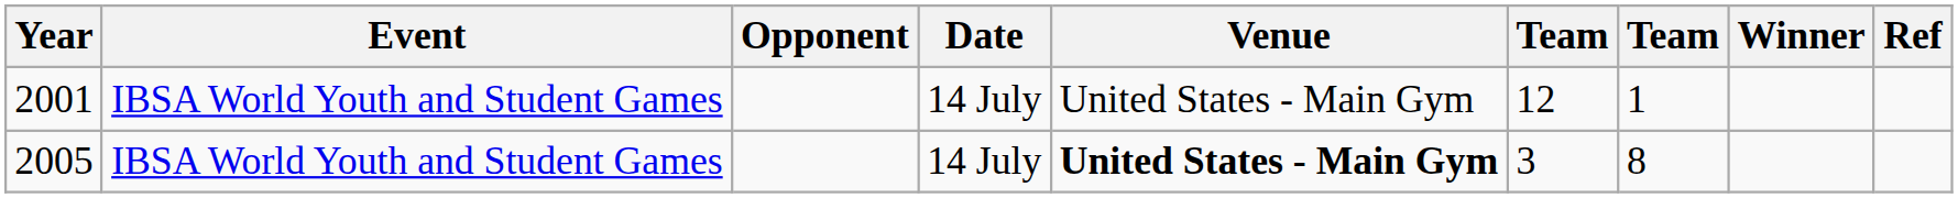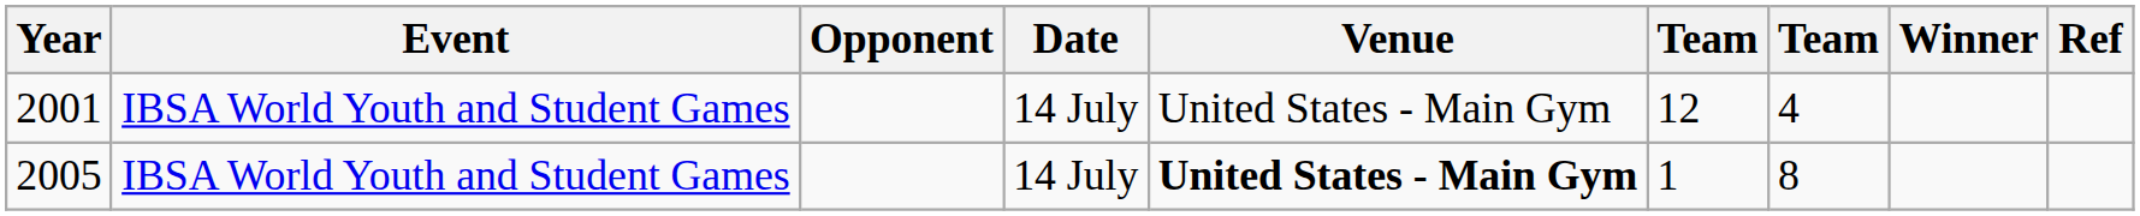 <table class="wikitable">
 <tr>
 <th>Year</th>
 <th>Event</th>
 <th>Opponent</th>
 <th>Date</th>
 <th>Venue</th>
 <th>Team</th>
 <th>Team</th>
 <th>Winner</th>
 <th>Ref</th>
 </tr>
 <tr --->
 <td>2001</td>
 <td><a href='#'>IBSA World Youth and Student Games</a></td>
 <td></td>
 <td>14 July</td>
 <td>United States - Main Gym</td>
 <td>12</td>
-<td>1</td>
+<td>4</td>
 <td></td>
 <td></td>
 </tr>
 <tr --->
 <td>2005</td>
 <td><a href='#'>IBSA World Youth and Student Games</a></td>
 <td></td>
 <td>14 July</td>
 <td><strong>United States - Main Gym</strong></td>
-<td>3</td>
+<td>1</td>
 <td>8</td>
 <td></td>
 <td></td>
 </tr>
 </table>
